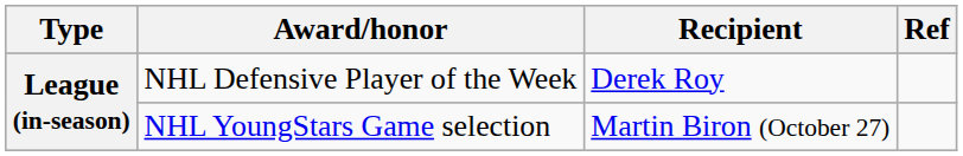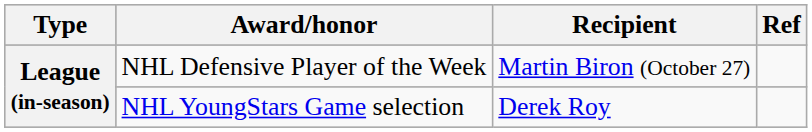 <table class="wikitable">
 <tr>
 <th scope="col">Type</th>
 <th scope="col">Award/honor</th>
 <th scope="col">Recipient</th>
 <th scope="col">Ref</th>
 </tr>
 <tr>
 <th scope="row" rowspan="2">League<br><small>(in-season)</small></th>
 <td>NHL Defensive Player of the Week</td>
-<td><a href='#'>Derek Roy</a></td>
+<td><a href='#'>Martin Biron</a> <small>(October 27)</small></td>
 <td></td>
 </tr>
 <tr>
 <td><a href='#'>NHL YoungStars Game</a> selection</td>
-<td><a href='#'>Martin Biron</a> <small>(October 27)</small></td>
+<td><a href='#'>Derek Roy</a></td>
 <td></td>
 </tr>
 </table>
